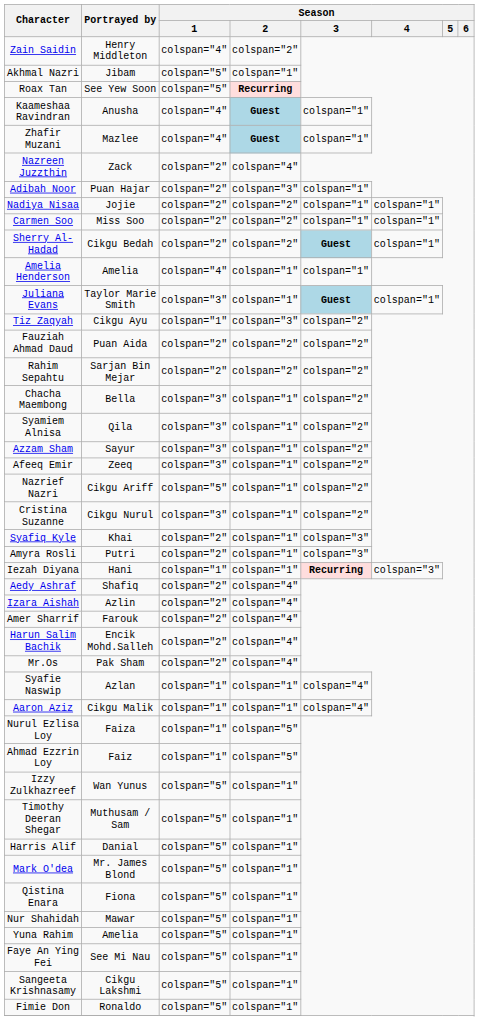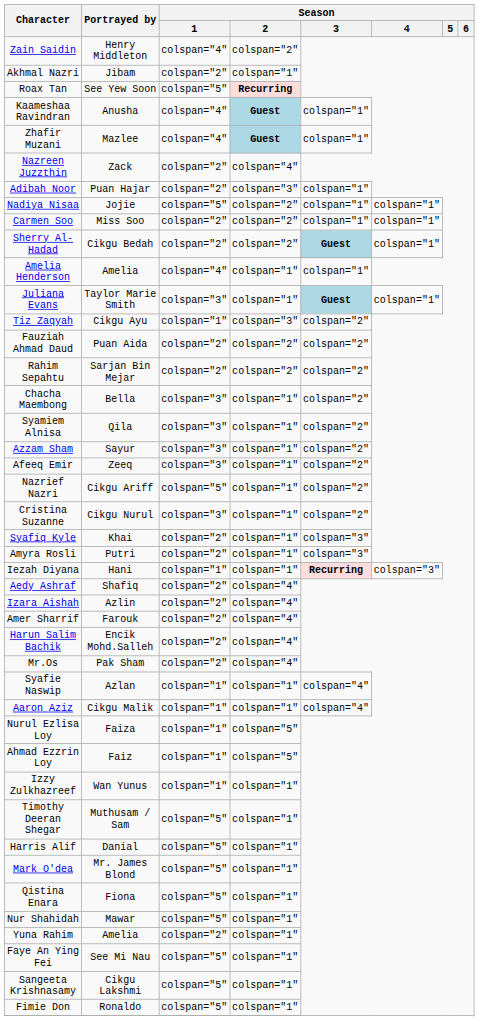 <table class="wikitable plainrowheaders" style="text-align:center">
 <tr>
 <th rowspan="2" width="21%" scope="col">Character</th>
 <th rowspan="2" width="21%" scope="col">Portrayed by</th>
 <th colspan="6">Season</th>
 </tr>
 <tr>
 <th width="7%" scope="col">1</th>
 <th width="7%" scope="col">2</th>
 <th width="7%" scope="col">3</th>
 <th width="7%" scope="col">4</th>
 <th width="7%" scope="col">5</th>
 <th width="7%" scope="col">6</th>
 </tr>
 <tr>
 <td><a href='#'>Zain Saidin</a></td>
 <td>Henry Middleton</td>
 <td>colspan="4" </td>
 <td>colspan="2" </td>
 </tr>
 <tr>
 <td>Akhmal Nazri</td>
 <td>Jibam</td>
-<td>colspan="5" </td>
+<td>colspan="2" </td>
 <td>colspan="1" </td>
 </tr>
 <tr>
 <td>Roax Tan</td>
 <td>See Yew Soon</td>
 <td>colspan="5" </td>
 <td style="background: #ffdddd" colspan="1" align="center"><strong>Recurring</strong></td>
 </tr>
 <tr>
 <td>Kaameshaa Ravindran</td>
 <td>Anusha</td>
 <td>colspan="4" </td>
 <td style="background: #ADD8E6" colspan="1" align="center"><strong>Guest</strong></td>
 <td>colspan="1" </td>
 </tr>
 <tr>
 <td>Zhafir Muzani</td>
 <td>Mazlee</td>
 <td>colspan="4" </td>
 <td style="background: #ADD8E6" colspan="1" align="center"><strong>Guest</strong></td>
 <td>colspan="1" </td>
 </tr>
 <tr>
 <td><a href='#'>Nazreen Juzzthin</a></td>
 <td>Zack</td>
 <td>colspan="2" </td>
 <td>colspan="4" </td>
 </tr>
 <tr>
 <td><a href='#'>Adibah Noor</a></td>
 <td>Puan Hajar</td>
 <td>colspan="2" </td>
 <td>colspan="3" </td>
 <td>colspan="1" </td>
 </tr>
 <tr>
 <td><a href='#'>Nadiya Nisaa</a></td>
 <td>Jojie</td>
-<td>colspan="2" </td>
+<td>colspan="5" </td>
 <td>colspan="2" </td>
 <td>colspan="1" </td>
 <td>colspan="1" </td>
 </tr>
 <tr>
 <td><a href='#'>Carmen Soo</a></td>
 <td>Miss Soo</td>
 <td>colspan="2" </td>
 <td>colspan="2" </td>
 <td>colspan="1" </td>
 <td>colspan="1" </td>
 </tr>
 <tr>
 <td><a href='#'>Sherry Al-Hadad</a></td>
 <td>Cikgu Bedah</td>
 <td>colspan="2" </td>
 <td>colspan="2" </td>
 <td style="background: #ADD8E6" colspan="1" align="center"><strong>Guest</strong></td>
 <td>colspan="1" </td>
 </tr>
 <tr>
 <td><a href='#'>Amelia Henderson</a></td>
 <td>Amelia</td>
 <td>colspan="4" </td>
 <td>colspan="1" </td>
 <td>colspan="1" </td>
 </tr>
 <tr>
 <td><a href='#'>Juliana Evans</a></td>
 <td>Taylor Marie Smith</td>
 <td>colspan="3" </td>
 <td>colspan="1" </td>
 <td style="background: #ADD8E6" colspan="1" align="center"><strong>Guest</strong></td>
 <td>colspan="1" </td>
 </tr>
 <tr>
 <td><a href='#'>Tiz Zaqyah</a></td>
 <td>Cikgu Ayu</td>
 <td>colspan="1" </td>
 <td>colspan="3" </td>
 <td>colspan="2" </td>
 </tr>
 <tr>
 <td>Fauziah Ahmad Daud</td>
 <td>Puan Aida</td>
 <td>colspan="2" </td>
 <td>colspan="2" </td>
 <td>colspan="2" </td>
 </tr>
 <tr>
 <td>Rahim Sepahtu</td>
 <td>Sarjan Bin Mejar</td>
 <td>colspan="2" </td>
 <td>colspan="2" </td>
 <td>colspan="2" </td>
 </tr>
 <tr>
 <td>Chacha Maembong</td>
 <td>Bella</td>
 <td>colspan="3" </td>
 <td>colspan="1" </td>
 <td>colspan="2" </td>
 </tr>
 <tr>
 <td>Syamiem Alnisa</td>
 <td>Qila</td>
 <td>colspan="3" </td>
 <td>colspan="1" </td>
 <td>colspan="2" </td>
 </tr>
 <tr>
 <td><a href='#'>Azzam Sham</a></td>
 <td>Sayur</td>
 <td>colspan="3" </td>
 <td>colspan="1" </td>
 <td>colspan="2" </td>
 </tr>
 <tr>
 <td>Afeeq Emir</td>
 <td>Zeeq</td>
 <td>colspan="3" </td>
 <td>colspan="1" </td>
 <td>colspan="2" </td>
 </tr>
 <tr>
 <td>Nazrief Nazri</td>
 <td>Cikgu Ariff</td>
 <td>colspan="5" </td>
 <td>colspan="1" </td>
 <td>colspan="2" </td>
 </tr>
 <tr>
 <td>Cristina Suzanne</td>
 <td>Cikgu Nurul</td>
 <td>colspan="3" </td>
 <td>colspan="1" </td>
 <td>colspan="2" </td>
 </tr>
 <tr>
 <td><a href='#'>Syafiq Kyle</a></td>
 <td>Khai</td>
 <td>colspan="2" </td>
 <td>colspan="1" </td>
 <td>colspan="3" </td>
 </tr>
 <tr>
 <td>Amyra Rosli</td>
 <td>Putri</td>
 <td>colspan="2" </td>
 <td>colspan="1" </td>
 <td>colspan="3" </td>
 </tr>
 <tr>
 <td>Iezah Diyana</td>
 <td>Hani</td>
 <td>colspan="1" </td>
 <td>colspan="1" </td>
 <td style="background: #ffdddd" colspan="1" align="center"><strong>Recurring</strong></td>
 <td>colspan="3" </td>
 </tr>
 <tr>
 <td><a href='#'>Aedy Ashraf</a></td>
 <td>Shafiq</td>
 <td>colspan="2" </td>
 <td>colspan="4" </td>
 </tr>
 <tr>
 <td><a href='#'>Izara Aishah</a></td>
 <td>Azlin</td>
 <td>colspan="2" </td>
 <td>colspan="4" </td>
 </tr>
 <tr>
 <td>Amer Sharrif</td>
 <td>Farouk</td>
 <td>colspan="2" </td>
 <td>colspan="4" </td>
 </tr>
 <tr>
 <td><a href='#'>Harun Salim Bachik</a></td>
 <td>Encik Mohd.Salleh</td>
 <td>colspan="2" </td>
 <td>colspan="4" </td>
 </tr>
 <tr>
 <td>Mr.Os</td>
 <td>Pak Sham</td>
 <td>colspan="2" </td>
 <td>colspan="4" </td>
 </tr>
 <tr>
 <td>Syafie Naswip</td>
 <td>Azlan</td>
 <td>colspan="1" </td>
 <td>colspan="1" </td>
 <td>colspan="4" </td>
 </tr>
 <tr>
 <td><a href='#'>Aaron Aziz</a></td>
 <td>Cikgu Malik</td>
 <td>colspan="1" </td>
 <td>colspan="1" </td>
 <td>colspan="4" </td>
 </tr>
 <tr>
 <td>Nurul Ezlisa Loy</td>
 <td>Faiza</td>
 <td>colspan="1" </td>
 <td>colspan="5" </td>
 </tr>
 <tr>
 <td>Ahmad Ezzrin Loy</td>
 <td>Faiz</td>
 <td>colspan="1" </td>
 <td>colspan="5" </td>
 </tr>
 <tr>
 <td>Izzy Zulkhazreef</td>
 <td>Wan Yunus</td>
-<td>colspan="5" </td>
+<td>colspan="1" </td>
 <td>colspan="1" </td>
 </tr>
 <tr>
 <td>Timothy Deeran Shegar</td>
 <td>Muthusam / Sam</td>
 <td>colspan="5" </td>
 <td>colspan="1" </td>
 </tr>
 <tr>
 <td>Harris Alif</td>
 <td>Danial</td>
 <td>colspan="5" </td>
 <td>colspan="1" </td>
 </tr>
 <tr>
 <td><a href='#'>Mark O'dea</a></td>
 <td>Mr. James Blond</td>
 <td>colspan="5" </td>
 <td>colspan="1" </td>
 </tr>
 <tr>
 <td>Qistina Enara</td>
 <td>Fiona</td>
 <td>colspan="5" </td>
 <td>colspan="1" </td>
 </tr>
 <tr>
 <td>Nur Shahidah</td>
 <td>Mawar</td>
 <td>colspan="5" </td>
 <td>colspan="1" </td>
 </tr>
 <tr>
 <td>Yuna Rahim</td>
 <td>Amelia</td>
-<td>colspan="5" </td>
+<td>colspan="2" </td>
 <td>colspan="1" </td>
 </tr>
 <tr>
 <td>Faye An Ying Fei</td>
 <td>See Mi Nau</td>
 <td>colspan="5" </td>
 <td>colspan="1" </td>
 </tr>
 <tr>
 <td>Sangeeta Krishnasamy</td>
 <td>Cikgu Lakshmi</td>
 <td>colspan="5" </td>
 <td>colspan="1" </td>
 </tr>
 <tr>
 <td>Fimie Don</td>
 <td>Ronaldo</td>
 <td>colspan="5" </td>
 <td>colspan="1" </td>
 </tr>
 <tr>
 </tr>
 </table>
